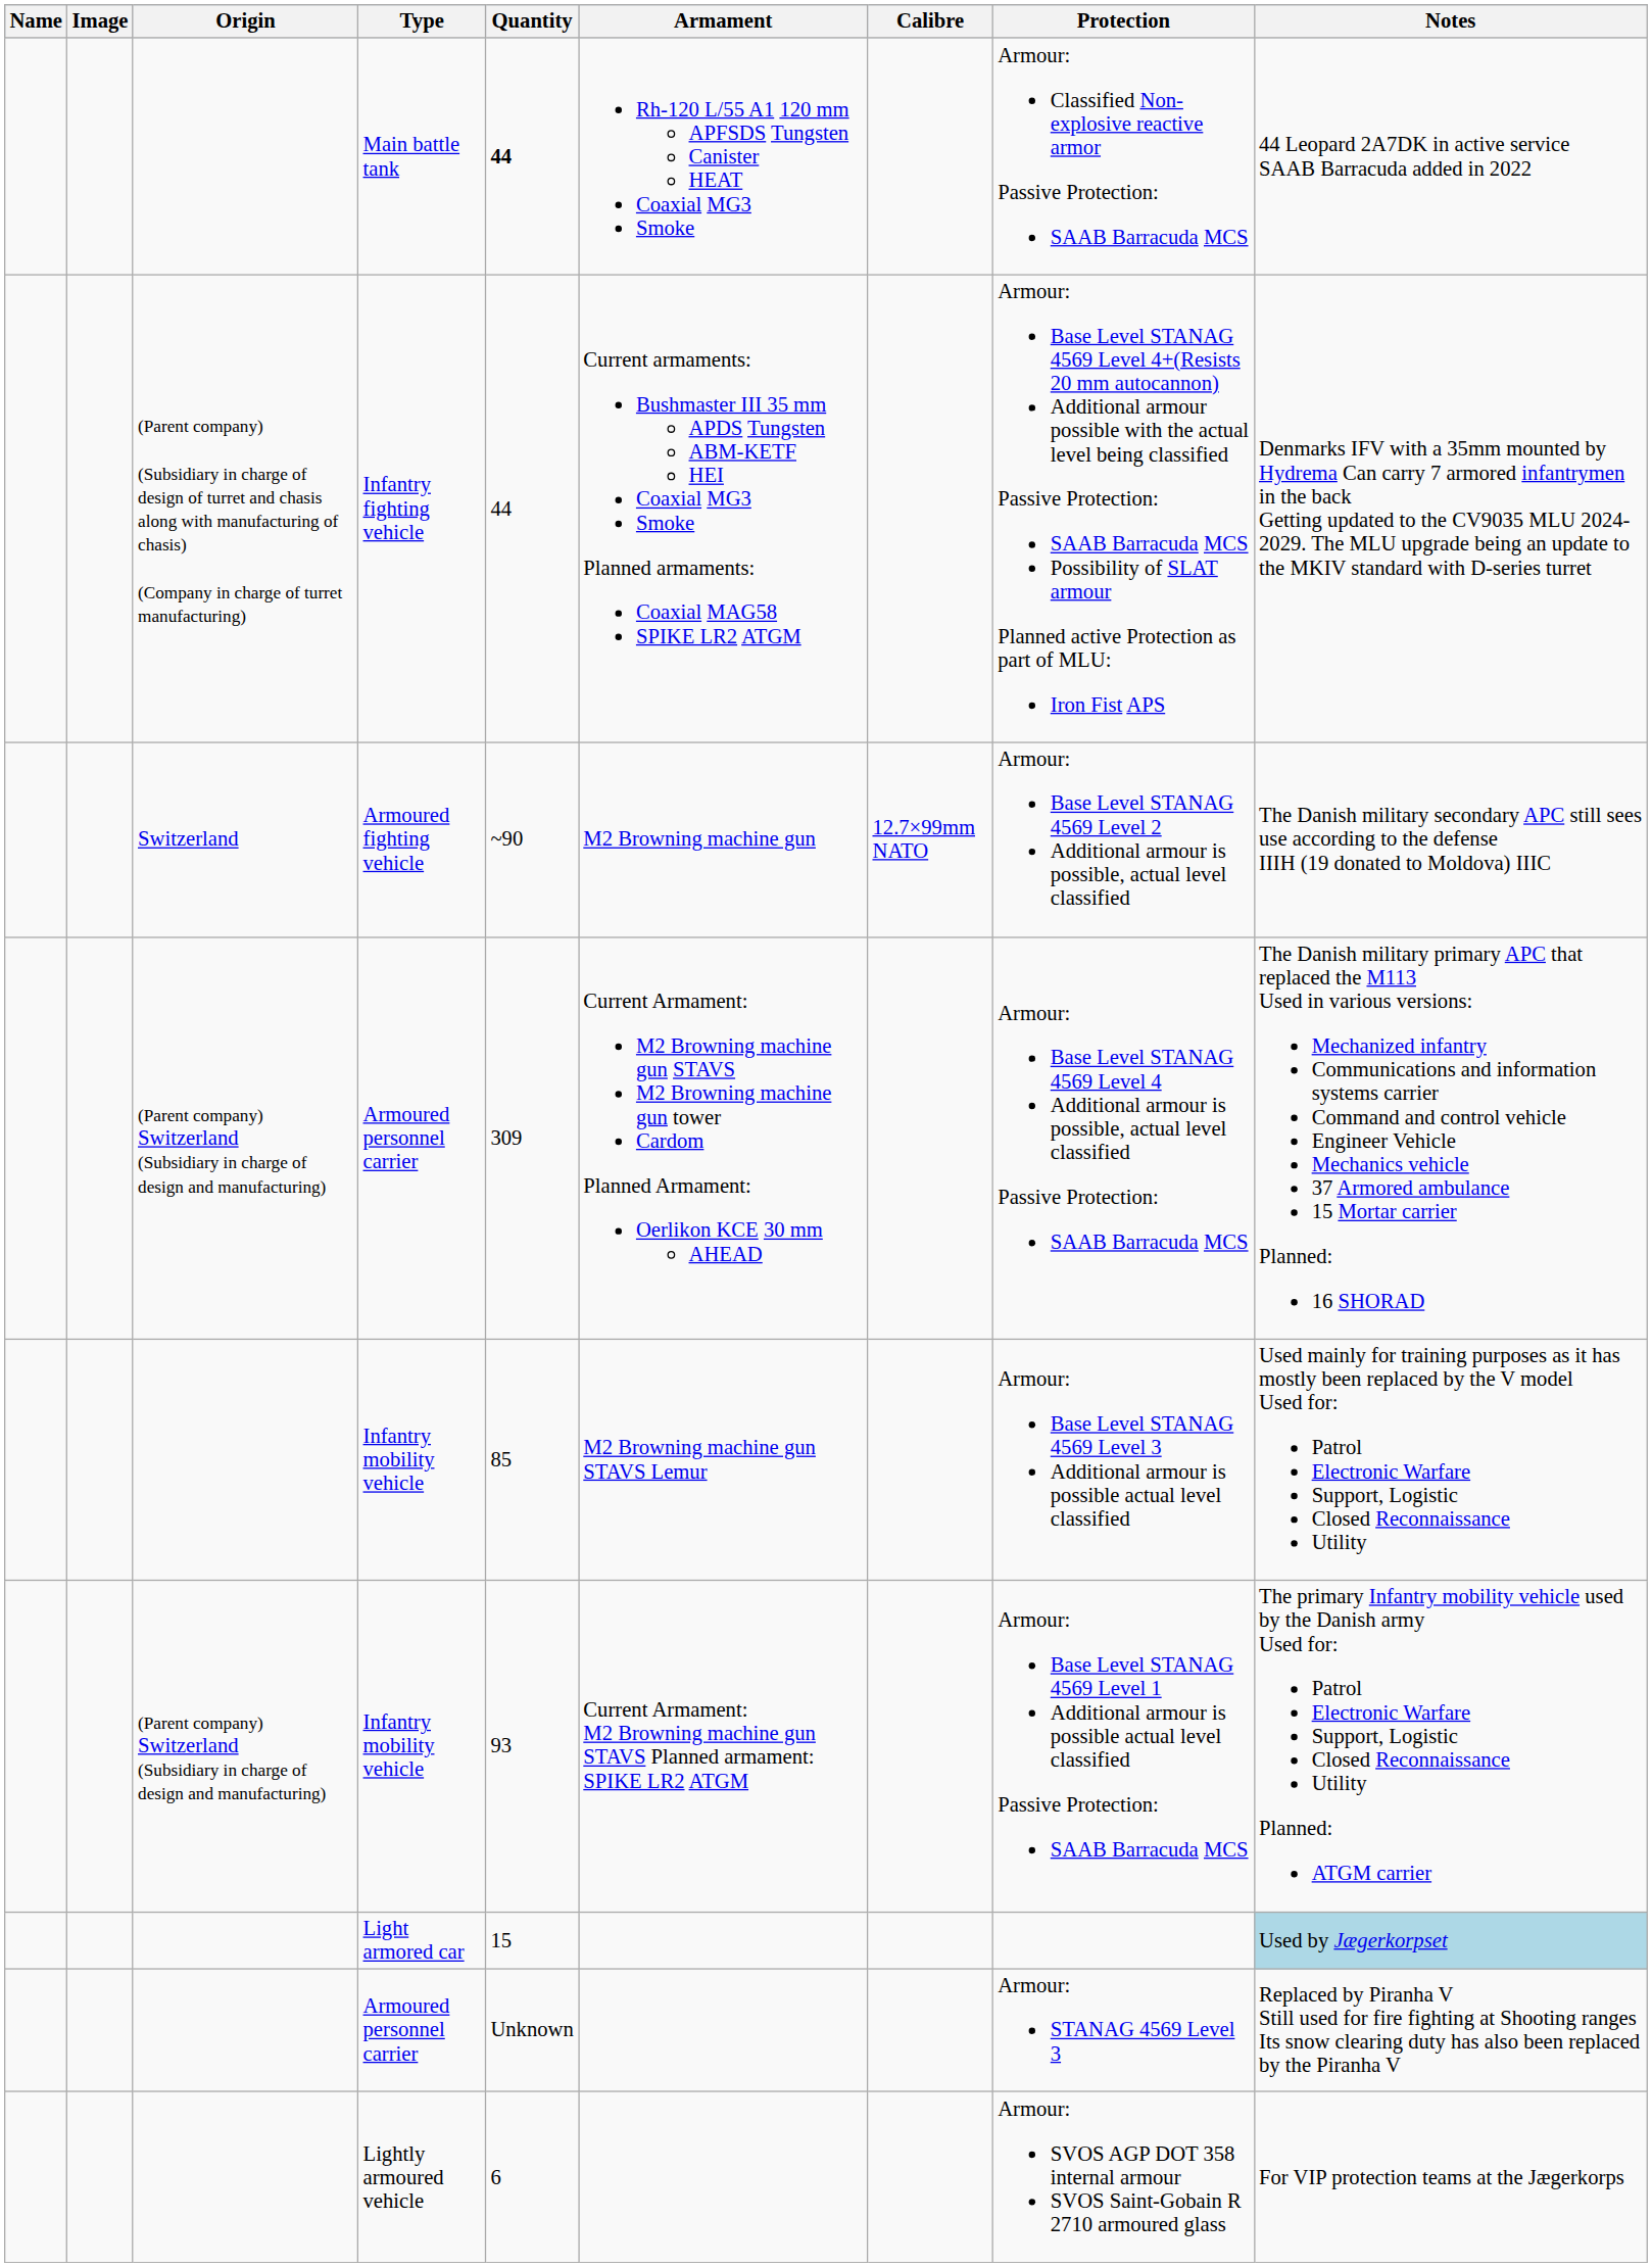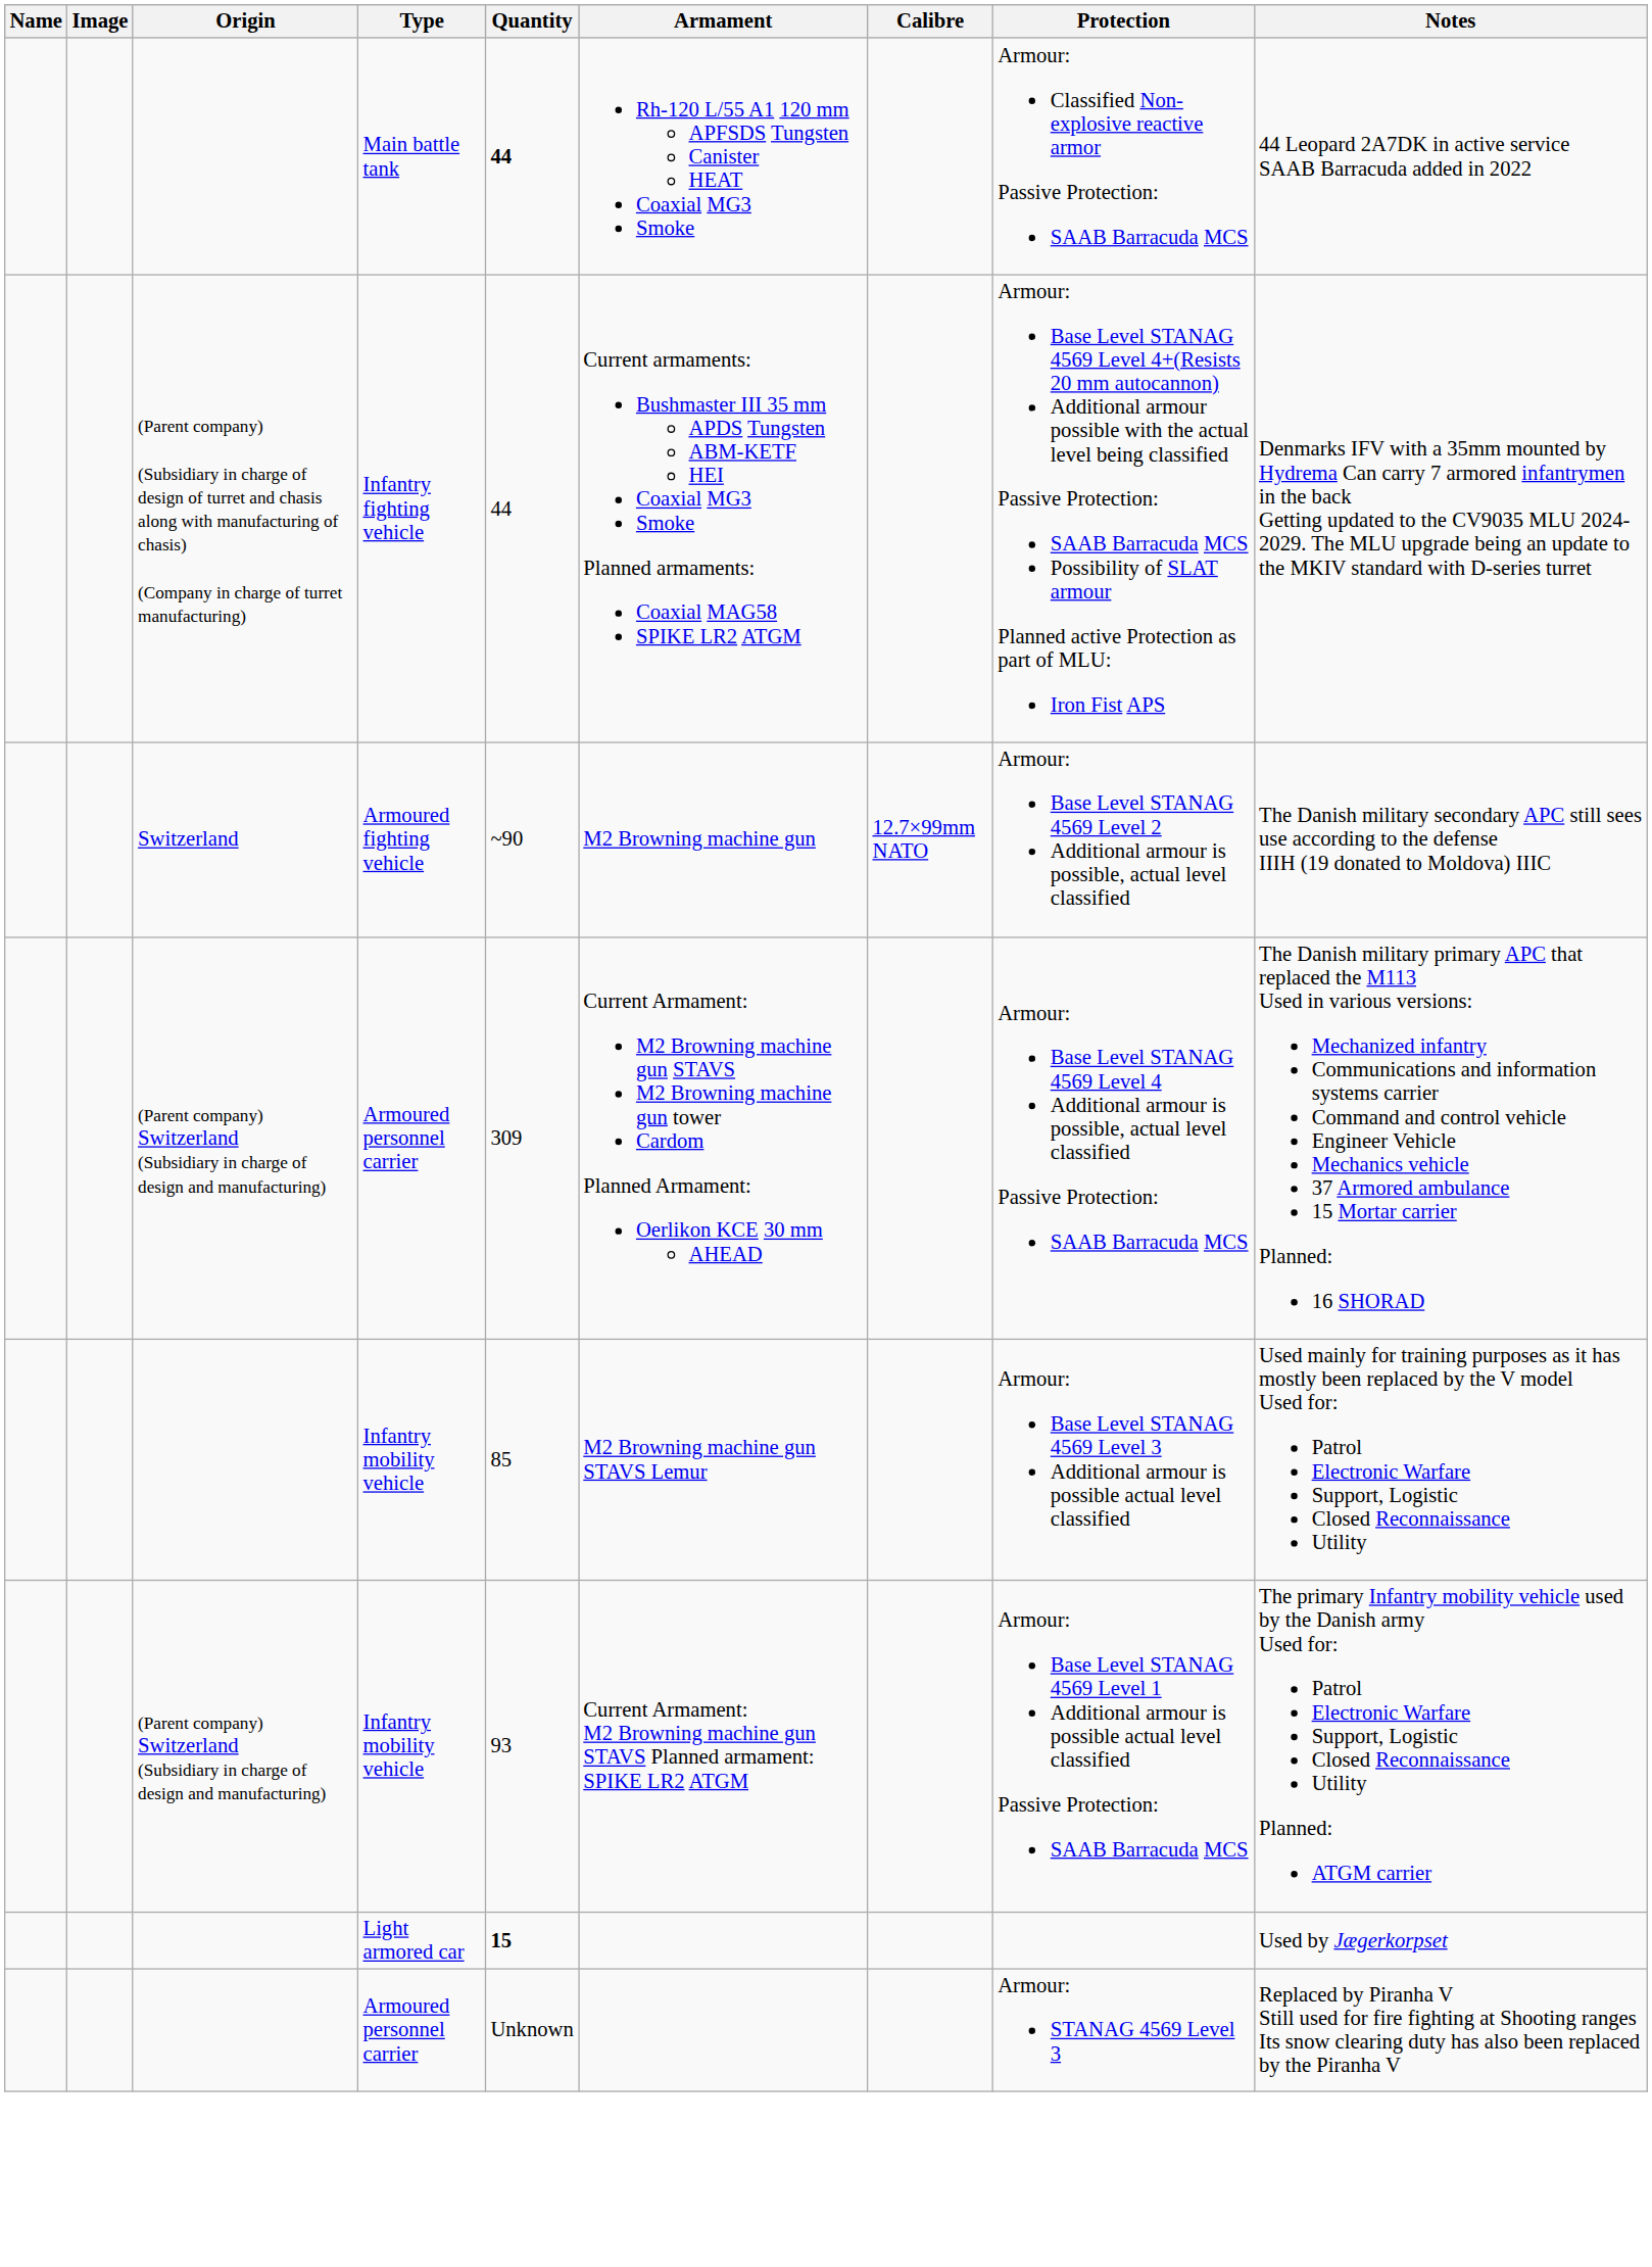 <table class="wikitable">
 <tr style="text-align: center; background: #aabccc;">
 <th>Name</th>
 <th>Image</th>
 <th>Origin</th>
 <th>Type</th>
 <th>Quantity</th>
 <th>Armament</th>
 <th>Calibre</th>
 <th>Protection</th>
 <th>Notes</th>
 </tr>
 <tr>
 <td></td>
 <td></td>
 <td></td>
 <td><a href='#'>Main battle tank</a></td>
 <td><strong>44</strong></td>
 <td><br><ul><li><a href='#'>Rh-120 L/55 A1</a> <a href='#'>120 mm</a><ul><li><a href='#'>APFSDS</a> <a href='#'>Tungsten</a></li><li><a href='#'>Canister</a></li><li><a href='#'>HEAT</a></li></ul></li><li><a href='#'>Coaxial</a> <a href='#'>MG3</a></li><li><a href='#'>Smoke</a></li></ul></td>
 <td></td>
 <td>Armour:<br><ul><li>Classified <a href='#'>Non-explosive reactive armor</a></li></ul>Passive Protection:<ul><li><a href='#'>SAAB Barracuda</a> <a href='#'>MCS</a></li></ul></td>
 <td>44 Leopard 2A7DK in active service<br>SAAB Barracuda added in 2022</td>
 </tr>
 <tr>
 <td></td>
 <td></td>
 <td> <br><small>(Parent company)</small><br> <br><small>(Subsidiary in charge of design of turret and chasis along with manufacturing of chasis)</small><br> <br><small>(Company in charge of turret manufacturing)</small></td>
 <td><a href='#'>Infantry fighting vehicle</a></td>
 <td>44</td>
 <td>Current armaments:<br><ul><li><a href='#'>Bushmaster III 35 mm</a><ul><li><a href='#'>APDS</a> <a href='#'>Tungsten</a></li><li><a href='#'>ABM-KETF</a></li><li><a href='#'>HEI</a></li></ul></li><li><a href='#'>Coaxial</a> <a href='#'>MG3</a></li><li><a href='#'>Smoke</a></li></ul>Planned armaments:<ul><li><a href='#'>Coaxial</a> <a href='#'>MAG58</a></li><li><a href='#'>SPIKE LR2</a> <a href='#'>ATGM</a></li></ul></td>
 <td></td>
 <td>Armour:<br><ul><li><a href='#'>Base Level STANAG 4569 Level 4+(Resists 20 mm autocannon)</a></li><li>Additional armour possible with the actual level being classified</li></ul>Passive Protection:<ul><li><a href='#'>SAAB Barracuda</a> <a href='#'>MCS</a></li><li>Possibility of <a href='#'>SLAT armour</a></li></ul>Planned active Protection as part of MLU:<ul><li><a href='#'>Iron Fist</a> <a href='#'>APS</a></li></ul></td>
 <td>Denmarks IFV with a 35mm mounted by <a href='#'>Hydrema</a> Can carry 7 armored <a href='#'>infantrymen</a> in the back<br>Getting updated to the CV9035 MLU  2024-2029. The MLU upgrade being an update to the MKIV standard with D-series turret </td>
 </tr>
 <tr>
 <td></td>
 <td><br><br></td>
 <td> <a href='#'>Switzerland</a></td>
 <td><a href='#'>Armoured fighting vehicle</a></td>
 <td>~90</td>
 <td><a href='#'>M2 Browning machine gun</a></td>
 <td><a href='#'>12.7×99mm NATO</a></td>
 <td>Armour:<br><ul><li><a href='#'>Base Level STANAG 4569 Level 2</a></li><li>Additional armour is possible, actual level classified</li></ul></td>
 <td>The Danish military secondary <a href='#'>APC</a> still sees use according to the defense<br>IIIH (19 donated to Moldova) IIIC</td>
 </tr>
 <tr>
 <td></td>
 <td><br><br><br></td>
 <td> <br><small>(Parent company)</small><br> <a href='#'>Switzerland</a> <br><small>(Subsidiary in charge of design and manufacturing)</small></td>
 <td><a href='#'>Armoured personnel carrier</a></td>
 <td>309</td>
 <td>Current Armament:<br><ul><li><a href='#'>M2 Browning machine gun</a> <a href='#'>STAVS</a></li><li><a href='#'>M2 Browning machine gun</a> tower</li><li><a href='#'>Cardom</a></li></ul>Planned Armament:<ul><li><a href='#'>Oerlikon KCE</a> <a href='#'>30 mm</a><ul><li><a href='#'>AHEAD</a></li></ul></li></ul></td>
 <td></td>
 <td>Armour:<br><ul><li><a href='#'>Base Level STANAG 4569 Level 4</a></li><li>Additional armour is possible, actual level classified</li></ul>Passive Protection:<ul><li><a href='#'>SAAB Barracuda</a> <a href='#'>MCS</a></li></ul></td>
 <td>The Danish military primary <a href='#'>APC</a> that replaced the <a href='#'>M113</a><br>Used in various versions:<ul><li><a href='#'>Mechanized infantry</a></li><li>Communications and information systems carrier</li><li>Command and control vehicle</li><li>Engineer Vehicle</li><li><a href='#'>Mechanics vehicle</a></li><li>37 <a href='#'>Armored ambulance</a></li><li>15 <a href='#'>Mortar carrier</a></li></ul>Planned:<ul><li>16 <a href='#'>SHORAD</a></li></ul></td>
 </tr>
 <tr>
 <td></td>
 <td></td>
 <td><br></td>
 <td><a href='#'>Infantry mobility vehicle</a></td>
 <td>85</td>
 <td><a href='#'>M2 Browning machine gun</a> <a href='#'>STAVS Lemur</a></td>
 <td></td>
 <td>Armour:<br><ul><li><a href='#'>Base Level STANAG 4569 Level 3</a></li><li>Additional armour is possible actual level classified</li></ul></td>
 <td>Used mainly for training purposes  as it has mostly been replaced by the V model<br>Used for:<ul><li>Patrol</li><li><a href='#'>Electronic Warfare</a></li><li>Support, Logistic</li><li>Closed <a href='#'>Reconnaissance</a></li><li>Utility</li></ul></td>
 </tr>
 <tr>
 <td></td>
 <td></td>
 <td> <br><small>(Parent company)</small><br> <a href='#'>Switzerland</a> <br><small>(Subsidiary in charge of design and manufacturing)</small></td>
 <td><a href='#'>Infantry mobility vehicle</a></td>
 <td>93</td>
 <td>Current Armament:<br><a href='#'>M2 Browning machine gun</a> <a href='#'>STAVS</a> Planned armament: <a href='#'>SPIKE LR2</a> <a href='#'>ATGM</a></td>
 <td></td>
 <td>Armour:<br><ul><li><a href='#'>Base Level STANAG 4569 Level 1</a></li><li>Additional armour is possible actual level classified</li></ul> Passive Protection:<ul><li><a href='#'>SAAB Barracuda</a> <a href='#'>MCS</a></li></ul></td>
 <td>The primary <a href='#'>Infantry mobility vehicle</a> used by the Danish army<br>Used for:<ul><li>Patrol</li><li><a href='#'>Electronic Warfare</a></li><li>Support, Logistic</li><li>Closed <a href='#'>Reconnaissance</a></li><li>Utility</li></ul>Planned:<ul><li><a href='#'>ATGM carrier</a></li></ul></td>
 </tr>
 <tr>
 <td></td>
 <td></td>
 <td></td>
 <td><a href='#'>Light armored car</a></td>
-<td>15</td>
+<td><strong>15</strong></td>
 <td></td>
 <td></td>
 <td></td>
-<td style="background: lightblue;">Used by <em><a href='#'>Jægerkorpset</a></em></td>
+<td>Used by <em><a href='#'>Jægerkorpset</a></em></td>
 </tr>
 <tr>
 <td></td>
 <td></td>
 <td></td>
 <td><a href='#'>Armoured personnel carrier</a></td>
 <td>Unknown</td>
 <td></td>
 <td></td>
 <td>Armour:<br><ul><li><a href='#'>STANAG 4569 Level 3</a></li></ul></td>
 <td>Replaced by Piranha V<br>Still used for fire fighting at Shooting ranges<br>Its snow clearing duty has also been replaced by the Piranha V</td>
 </tr>
-<tr>
-<td></td>
-<td><br></td>
-<td></td>
-<td>Lightly armoured vehicle</td>
-<td>6</td>
-<td></td>
-<td></td>
-<td>Armour:<br><ul><li>SVOS AGP DOT 358 internal armour</li><li>SVOS Saint-Gobain R 2710 armoured glass</li></ul></td>
-<td>For VIP protection teams at the Jægerkorps</td>
-</tr>
 </table>
